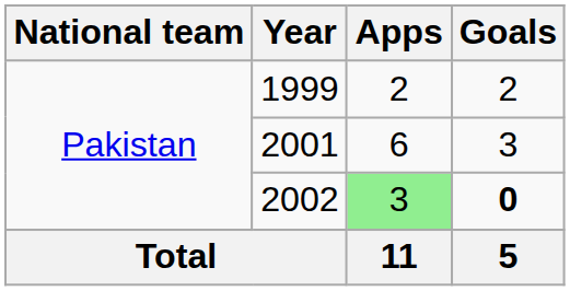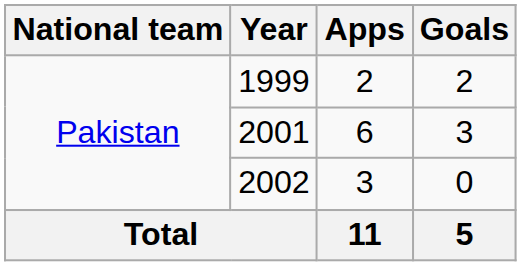 <table class="wikitable" style="text-align:center">
 <tr>
 <th>National team</th>
 <th>Year</th>
 <th>Apps</th>
 <th>Goals</th>
 </tr>
 <tr>
 <td rowspan="3"><a href='#'>Pakistan</a></td>
 <td>1999</td>
 <td>2</td>
 <td>2</td>
 </tr>
 <tr>
 <td>2001</td>
 <td>6</td>
 <td>3</td>
 </tr>
 <tr>
 <td>2002</td>
-<td style="background: lightgreen;">3</td>
-<td><strong>0</strong></td>
+<td>3</td>
+<td>0</td>
 </tr>
 <tr>
 <th colspan="2">Total</th>
 <th>11</th>
 <th>5</th>
 </tr>
 </table>
